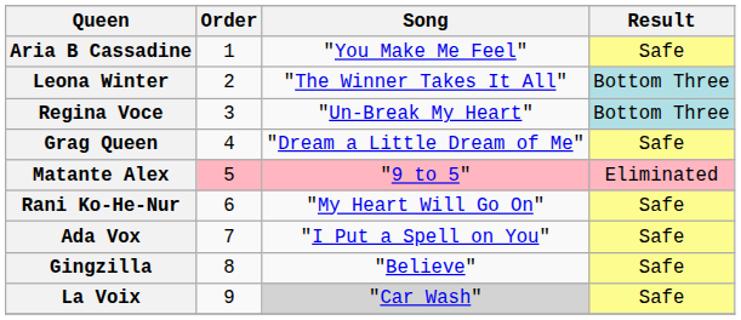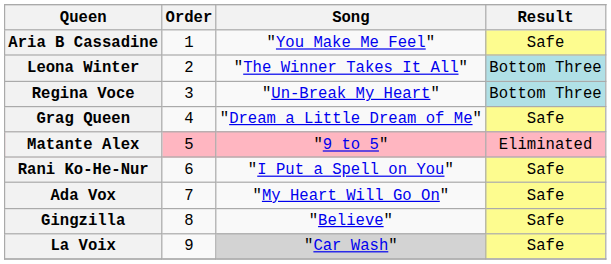 <table class="wikitable plainrowheaders" style="text-align:center;">
 <tr>
 </tr>
 <tr>
 <th scope="col">Queen</th>
 <th scope="col">Order</th>
 <th scope="col">Song</th>
 <th scope="col">Result</th>
 </tr>
 <tr>
 <th>Aria B Cassadine</th>
 <td>1</td>
 <td>"<a href='#'>You Make Me Feel</a>"</td>
 <td style="background:#FDFC8F;">Safe</td>
 </tr>
 <tr>
 <th>Leona Winter</th>
 <td>2</td>
 <td>"<a href='#'>The Winner Takes It All</a>"</td>
 <td style="background:#B0E0E6;">Bottom Three</td>
 </tr>
 <tr>
 <th>Regina Voce</th>
 <td>3</td>
 <td>"<a href='#'>Un-Break My Heart</a>"</td>
 <td style="background:#B0E0E6;">Bottom Three</td>
 </tr>
 <tr>
 <th>Grag Queen</th>
 <td>4</td>
 <td>"<a href='#'>Dream a Little Dream of Me</a>"</td>
 <td style="background:#FDFC8F;">Safe</td>
 </tr>
 <tr style="background:lightpink;">
 <th>Matante Alex</th>
 <td>5</td>
 <td>"<a href='#'>9 to 5</a>"</td>
 <td>Eliminated</td>
 </tr>
 <tr>
 <th>Rani Ko-He-Nur</th>
 <td>6</td>
-<td>"<a href='#'>My Heart Will Go On</a>"</td>
+<td>"<a href='#'>I Put a Spell on You</a>"</td>
 <td style="background:#FDFC8F;">Safe</td>
 </tr>
 <tr>
 <th>Ada Vox</th>
 <td>7</td>
-<td>"<a href='#'>I Put a Spell on You</a>"</td>
+<td>"<a href='#'>My Heart Will Go On</a>"</td>
 <td style="background:#FDFC8F;">Safe</td>
 </tr>
 <tr>
 <th>Gingzilla</th>
 <td>8</td>
 <td>"<a href='#'>Believe</a>"</td>
 <td style="background:#FDFC8F;">Safe</td>
 </tr>
 <tr>
 <th>La Voix</th>
 <td>9</td>
 <td style="background: lightgrey;">"<a href='#'>Car Wash</a>"</td>
 <td style="background:#FDFC8F;">Safe</td>
 </tr>
 <tr>
 </tr>
 </table>
